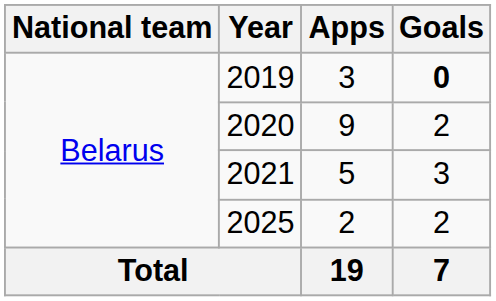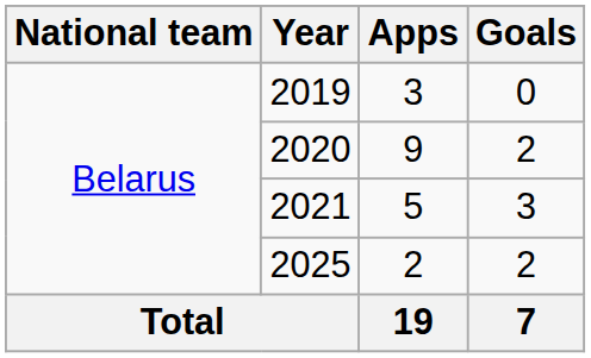 <table class="wikitable" style="text-align:center">
 <tr>
 <th>National team</th>
 <th>Year</th>
 <th>Apps</th>
 <th>Goals</th>
 </tr>
 <tr>
 <td rowspan="4"><a href='#'>Belarus</a></td>
 <td>2019</td>
 <td>3</td>
-<td><strong>0</strong></td>
+<td>0</td>
 </tr>
 <tr>
 <td>2020</td>
 <td>9</td>
 <td>2</td>
 </tr>
 <tr>
 <td>2021</td>
 <td>5</td>
 <td>3</td>
 </tr>
 <tr>
 <td>2025</td>
 <td>2</td>
 <td>2</td>
 </tr>
 <tr>
 <th colspan="2">Total</th>
 <th>19</th>
 <th>7</th>
 </tr>
 </table>
